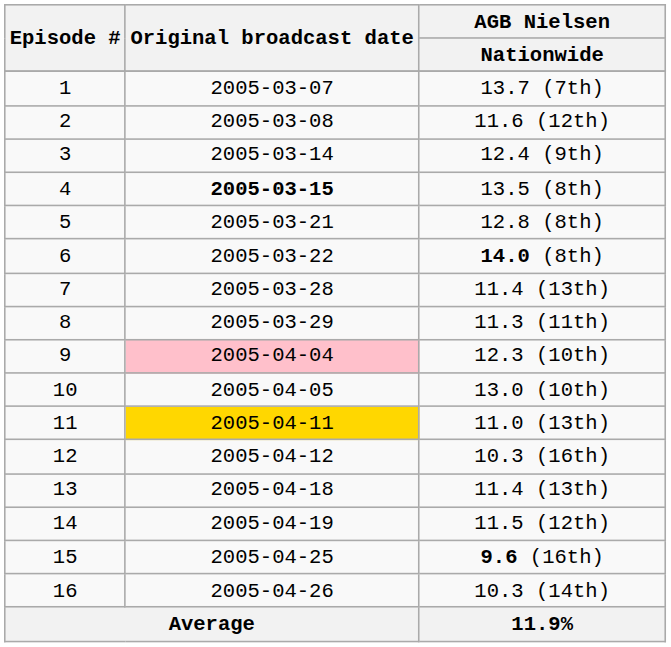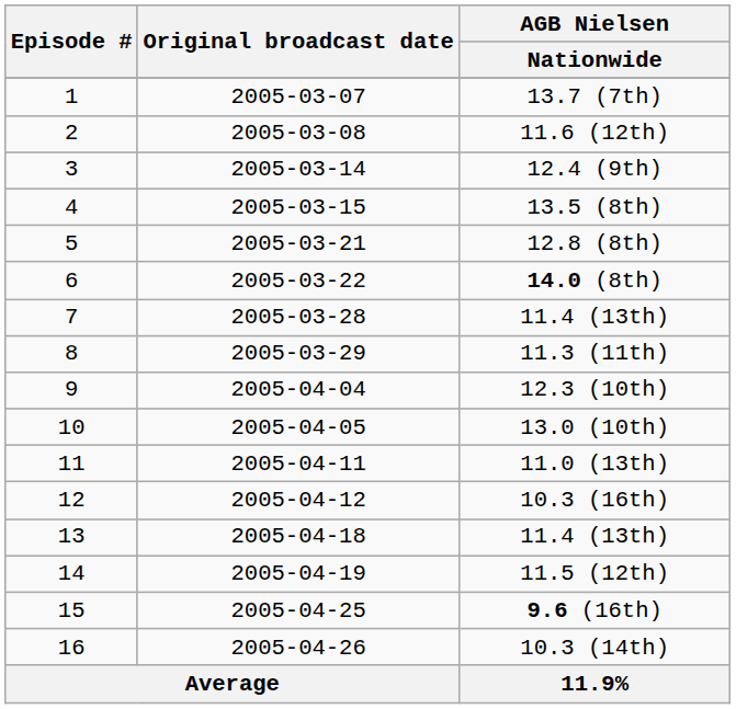 <table class=wikitable style="text-align:center">
 <tr>
 <th rowspan="2">Episode #</th>
 <th rowspan="2">Original broadcast date</th>
 <th colspan="2">AGB Nielsen </th>
 </tr>
 <tr>
 <th width=150>Nationwide</th>
 </tr>
 <tr>
 </tr>
 <tr align="center">
 <td>1</td>
 <td>2005-03-07</td>
 <td>13.7 (7th)</td>
 </tr>
 <tr>
 <td>2</td>
 <td>2005-03-08</td>
 <td>11.6 (12th)</td>
 </tr>
 <tr>
 <td>3</td>
 <td>2005-03-14</td>
 <td>12.4 (9th)</td>
 </tr>
 <tr>
 <td>4</td>
-<td><strong>2005-03-15</strong></td>
+<td>2005-03-15</td>
 <td>13.5 (8th)</td>
 </tr>
 <tr>
 <td>5</td>
 <td>2005-03-21</td>
 <td>12.8 (8th)</td>
 </tr>
 <tr>
 <td>6</td>
 <td>2005-03-22</td>
 <td><span><strong>14.0</strong></span> (8th)</td>
 </tr>
 <tr>
 <td>7</td>
 <td>2005-03-28</td>
 <td>11.4 (13th)</td>
 </tr>
 <tr>
 <td>8</td>
 <td>2005-03-29</td>
 <td>11.3 (11th)</td>
 </tr>
 <tr>
 <td>9</td>
-<td style="background: pink;">2005-04-04</td>
+<td>2005-04-04</td>
 <td>12.3 (10th)</td>
 </tr>
 <tr>
 <td>10</td>
 <td>2005-04-05</td>
 <td>13.0 (10th)</td>
 </tr>
 <tr>
 <td>11</td>
-<td style="background: gold;">2005-04-11</td>
+<td>2005-04-11</td>
 <td>11.0 (13th)</td>
 </tr>
 <tr>
 <td>12</td>
 <td>2005-04-12</td>
 <td>10.3 (16th)</td>
 </tr>
 <tr>
 <td>13</td>
 <td>2005-04-18</td>
 <td>11.4 (13th)</td>
 </tr>
 <tr>
 <td>14</td>
 <td>2005-04-19</td>
 <td>11.5 (12th)</td>
 </tr>
 <tr>
 <td>15</td>
 <td>2005-04-25</td>
 <td><span><strong>9.6</strong></span> (16th)</td>
 </tr>
 <tr>
 <td>16</td>
 <td>2005-04-26</td>
 <td>10.3 (14th)</td>
 </tr>
 <tr>
 <th colspan=2>Average</th>
 <th>11.9%</th>
 </tr>
 </table>
